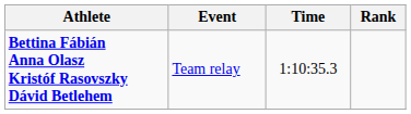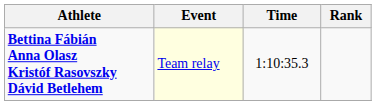 <table class="wikitable" style="text-align:center; font-size:90%; width:30%;">
 <tr>
 <th>Athlete</th>
 <th>Event</th>
 <th>Time</th>
 <th>Rank</th>
 </tr>
 <tr>
 <td align=left><strong><a href='#'>Bettina Fábián</a><br><a href='#'>Anna Olasz</a><br><a href='#'>Kristóf Rasovszky</a><br><a href='#'>Dávid Betlehem</a></strong></td>
-<td align=left><a href='#'>Team relay</a></td>
+<td align=left style="background: lightyellow;"><a href='#'>Team relay</a></td>
 <td>1:10:35.3</td>
 <td></td>
 </tr>
 <tr>
 </tr>
 </table>
